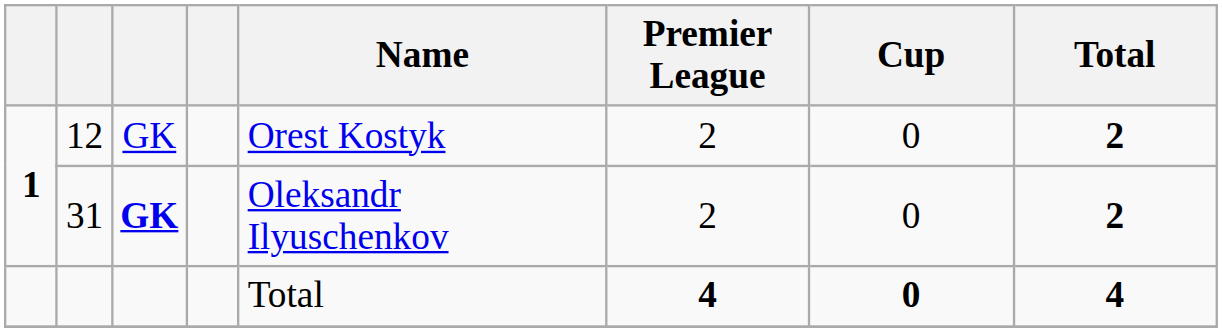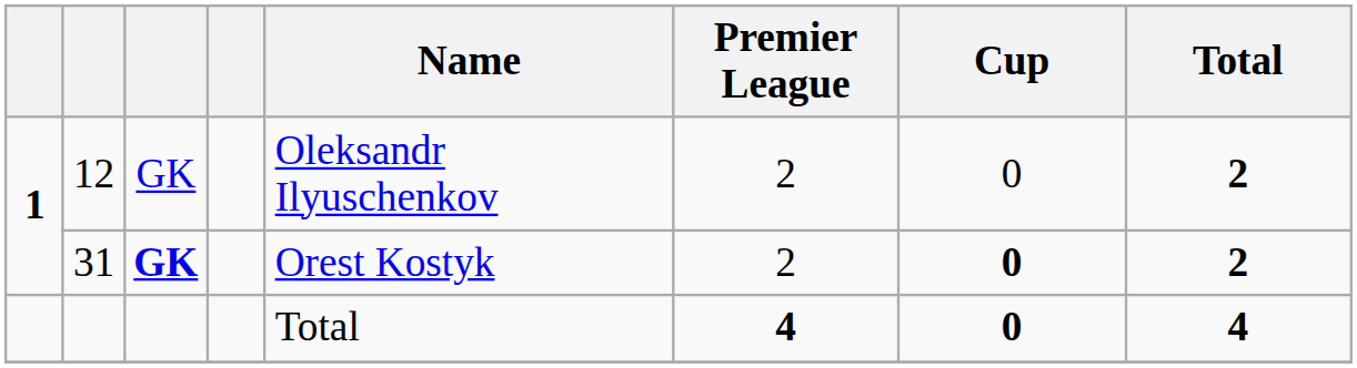 <table class="wikitable" style="text-align:center">
 <tr>
 <th width=15></th>
 <th width=15></th>
 <th width=15></th>
 <th width=15></th>
 <th width=150>Name</th>
 <th width=80><strong>Premier League</strong></th>
 <th width=80><strong>Cup</strong></th>
 <th width=80>Total</th>
 </tr>
 <tr>
 <td rowspan=2><strong>1</strong></td>
 <td>12</td>
 <td><a href='#'>GK</a></td>
 <td></td>
-<td align=left><a href='#'>Orest Kostyk</a></td>
+<td align=left><a href='#'>Oleksandr Ilyuschenkov</a></td>
 <td>2</td>
 <td>0</td>
 <td><strong>2</strong></td>
 </tr>
 <tr>
 <td>31</td>
 <td><strong><a href='#'>GK</a></strong></td>
 <td></td>
-<td align=left><a href='#'>Oleksandr Ilyuschenkov</a></td>
+<td align=left><a href='#'>Orest Kostyk</a></td>
 <td>2</td>
-<td>0</td>
+<td><strong>0</strong></td>
 <td><strong>2</strong></td>
 </tr>
 <tr>
 <td></td>
 <td></td>
 <td></td>
 <td></td>
 <td align=left>Total</td>
 <td><strong>4</strong></td>
 <td><strong>0</strong></td>
 <td><strong>4</strong></td>
 </tr>
 <tr>
 </tr>
 </table>
